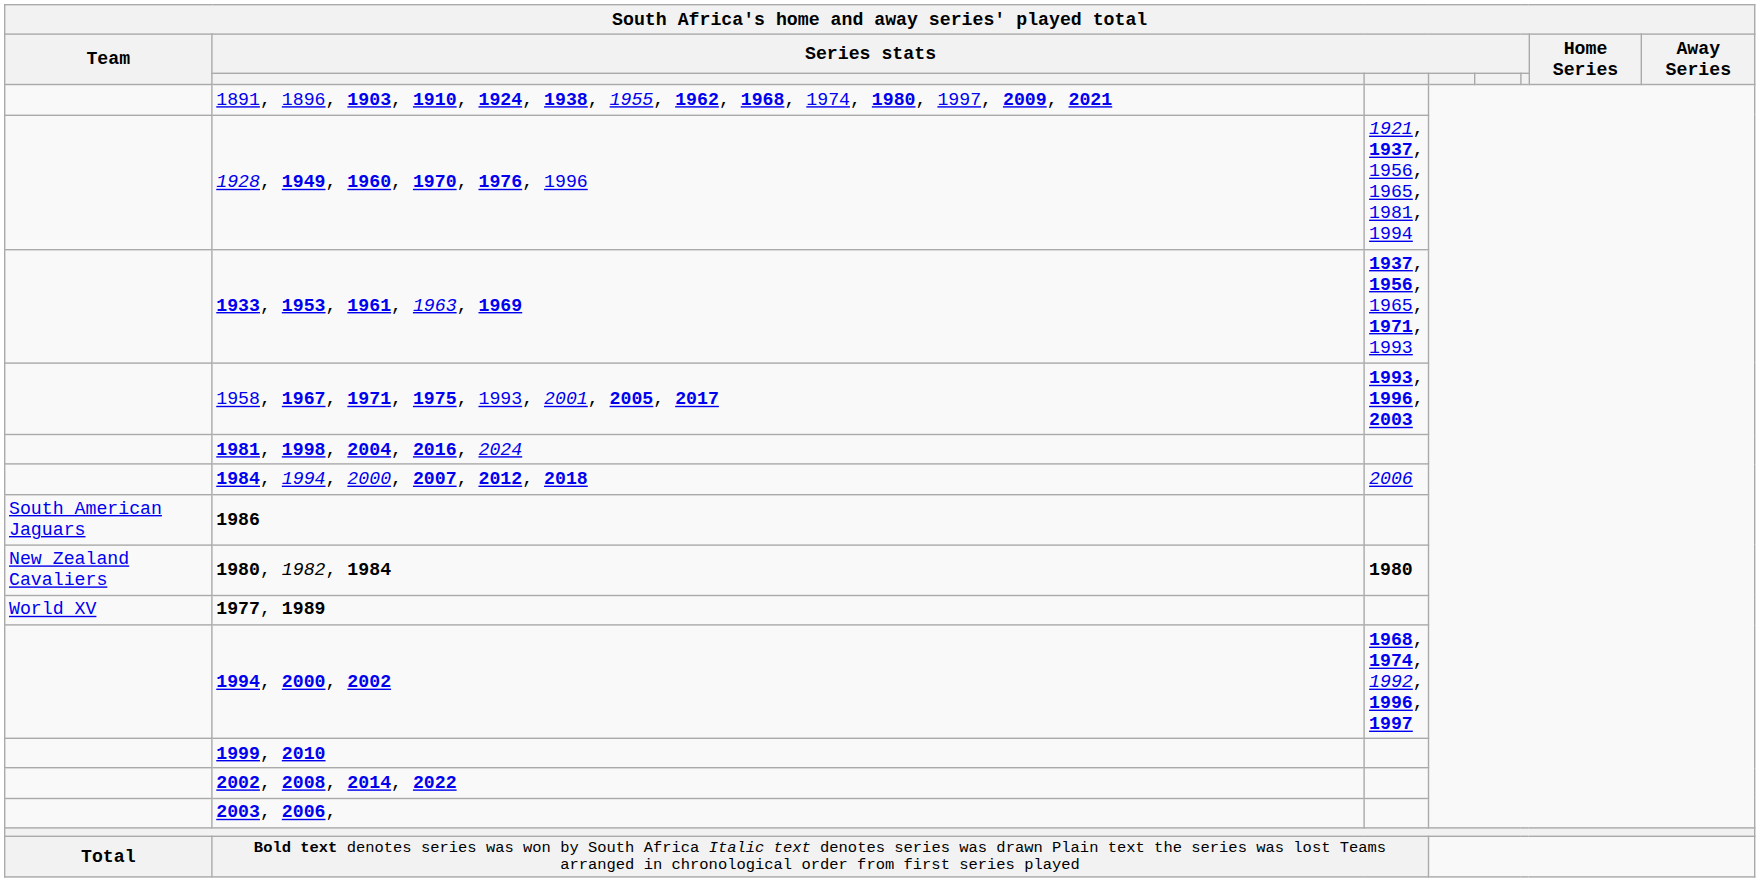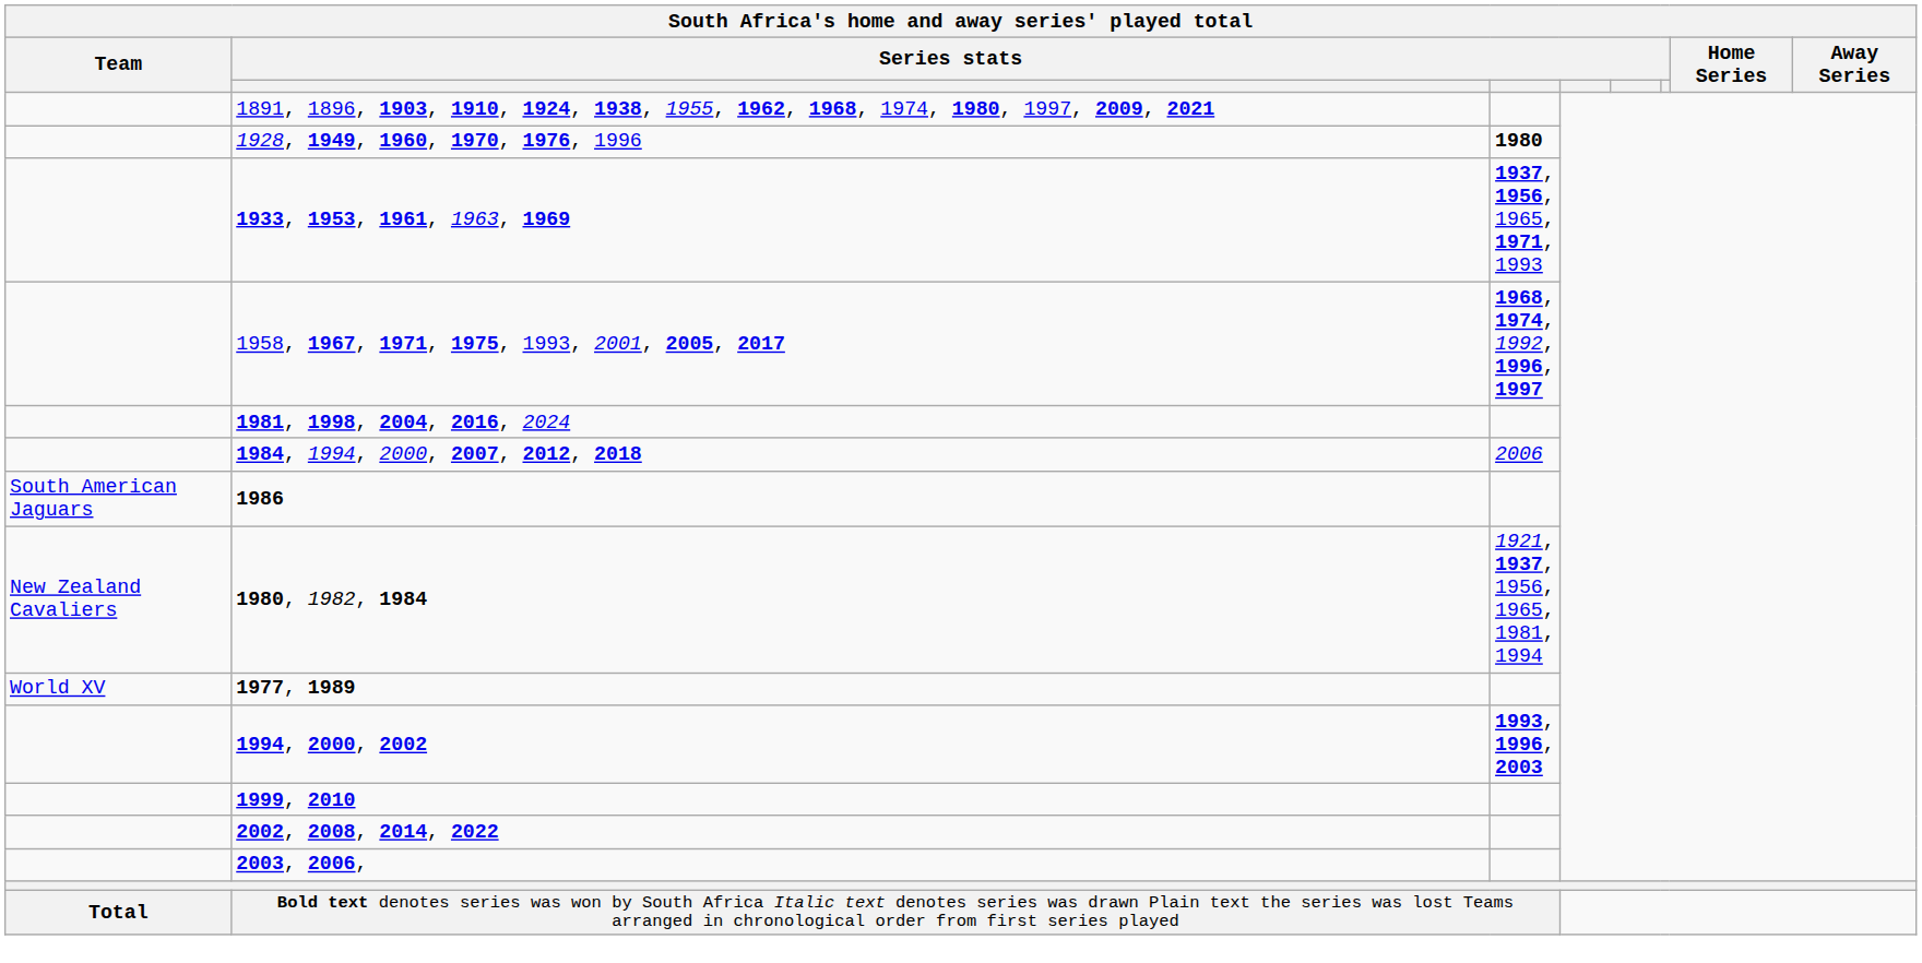 <table class="wikitable">
 <tr>
 <th colspan=8>South Africa's home and away series' played total</th>
 </tr>
 <tr>
 <th rowspan=2>Team</th>
 <th colspan=5>Series stats</th>
 <th rowspan=2>Home Series</th>
 <th rowspan=2>Away Series</th>
 </tr>
 <tr>
 <th></th>
 <th style="width:30px; padding:1px;"></th>
 <th style="width:30px; padding:1px;"></th>
 <th style="width:30px; padding:1px;"></th>
 <th></th>
 </tr>
 <tr>
 <td><br></td>
 <td><a href='#'>1891</a>, <a href='#'>1896</a>, <strong><a href='#'>1903</a></strong>, <strong><a href='#'>1910</a></strong>, <strong><a href='#'>1924</a></strong>, <strong><a href='#'>1938</a></strong>, <em><a href='#'>1955</a></em>, <strong><a href='#'>1962</a></strong>, <strong><a href='#'>1968</a></strong>, <a href='#'>1974</a>, <strong><a href='#'>1980</a></strong>, <a href='#'>1997</a>, <strong><a href='#'>2009</a></strong>, <strong><a href='#'>2021</a></strong></td>
 <td></td>
 </tr>
 <tr>
 <td><br></td>
 <td><em><a href='#'>1928</a></em>, <strong><a href='#'>1949</a></strong>, <strong><a href='#'>1960</a></strong>, <strong><a href='#'>1970</a></strong>, <strong><a href='#'>1976</a></strong>, <a href='#'>1996</a></td>
-<td><em><a href='#'>1921</a></em>, <strong><a href='#'>1937</a></strong>, <a href='#'>1956</a>, <a href='#'>1965</a>, <a href='#'>1981</a>, <a href='#'>1994</a></td>
+<td><strong>1980</strong></td>
 </tr>
 <tr>
 <td><br></td>
 <td><strong><a href='#'>1933</a></strong>, <strong><a href='#'>1953</a></strong>, <strong><a href='#'>1961</a></strong>, <em><a href='#'>1963</a></em>, <strong><a href='#'>1969</a></strong></td>
 <td><strong><a href='#'>1937</a></strong>, <strong><a href='#'>1956</a></strong>, <a href='#'>1965</a>, <strong><a href='#'>1971</a></strong>, <a href='#'>1993</a></td>
 </tr>
 <tr>
 <td><br></td>
 <td><a href='#'>1958</a>, <strong><a href='#'>1967</a></strong>, <strong><a href='#'>1971</a></strong>, <strong><a href='#'>1975</a></strong>, <a href='#'>1993</a>, <em><a href='#'>2001</a></em>, <strong><a href='#'>2005</a></strong>, <strong><a href='#'>2017</a></strong></td>
-<td><strong><a href='#'>1993</a></strong>, <strong><a href='#'>1996</a></strong>, <strong><a href='#'>2003</a></strong></td>
+<td><strong><a href='#'>1968</a></strong>, <strong><a href='#'>1974</a></strong>, <em><a href='#'>1992</a></em>, <strong><a href='#'>1996</a></strong>, <strong><a href='#'>1997</a></strong></td>
 </tr>
 <tr>
 <td><br></td>
 <td><strong><a href='#'>1981</a></strong>, <strong><a href='#'>1998</a></strong>, <strong><a href='#'>2004</a></strong>, <strong><a href='#'>2016</a></strong>, <em><a href='#'>2024</a></em></td>
 <td></td>
 </tr>
 <tr>
 <td><br></td>
 <td><strong><a href='#'>1984</a></strong>, <em><a href='#'>1994</a></em>, <em><a href='#'>2000</a></em>, <strong><a href='#'>2007</a></strong>, <strong><a href='#'>2012</a></strong>, <strong><a href='#'>2018</a></strong></td>
 <td><em><a href='#'>2006</a></em></td>
 </tr>
 <tr>
 <td><a href='#'>South American Jaguars</a><br></td>
 <td><strong>1986</strong></td>
 <td></td>
 </tr>
 <tr>
 <td> <a href='#'>New Zealand Cavaliers</a><br></td>
 <td><strong>1980</strong>, <em>1982</em>, <strong>1984</strong></td>
-<td><strong>1980</strong></td>
+<td><em><a href='#'>1921</a></em>, <strong><a href='#'>1937</a></strong>, <a href='#'>1956</a>, <a href='#'>1965</a>, <a href='#'>1981</a>, <a href='#'>1994</a></td>
 </tr>
 <tr>
 <td><a href='#'>World XV</a><br></td>
 <td><strong>1977</strong>, <strong>1989</strong></td>
 <td></td>
 </tr>
 <tr>
 <td><br></td>
 <td><strong><a href='#'>1994</a></strong>, <strong><a href='#'>2000</a></strong>, <strong><a href='#'>2002</a></strong></td>
-<td><strong><a href='#'>1968</a></strong>, <strong><a href='#'>1974</a></strong>, <em><a href='#'>1992</a></em>, <strong><a href='#'>1996</a></strong>, <strong><a href='#'>1997</a></strong></td>
+<td><strong><a href='#'>1993</a></strong>, <strong><a href='#'>1996</a></strong>, <strong><a href='#'>2003</a></strong></td>
 </tr>
 <tr>
 <td><br></td>
 <td><strong><a href='#'>1999</a></strong>, <strong><a href='#'>2010</a></strong></td>
 <td></td>
 </tr>
 <tr>
 <td><br></td>
 <td><strong><a href='#'>2002</a></strong>, <strong><a href='#'>2008</a></strong>, <strong><a href='#'>2014</a></strong>, <strong><a href='#'>2022</a></strong></td>
 <td></td>
 </tr>
 <tr>
 <td><br></td>
 <td><strong><a href='#'>2003</a></strong>, <strong><a href='#'>2006</a></strong>,</td>
 <td></td>
 </tr>
 <tr>
 <th colspan=8></th>
 </tr>
 <tr>
 <th>Total<br></th>
 <th colspan=2 style="font-size:85%; font-weight:normal;"> <strong>Bold text</strong> denotes series was won by South Africa <em>Italic text</em> denotes series was drawn  Plain text the series was lost  Teams arranged in chronological order from first series played</th>
 </tr>
 </table>
